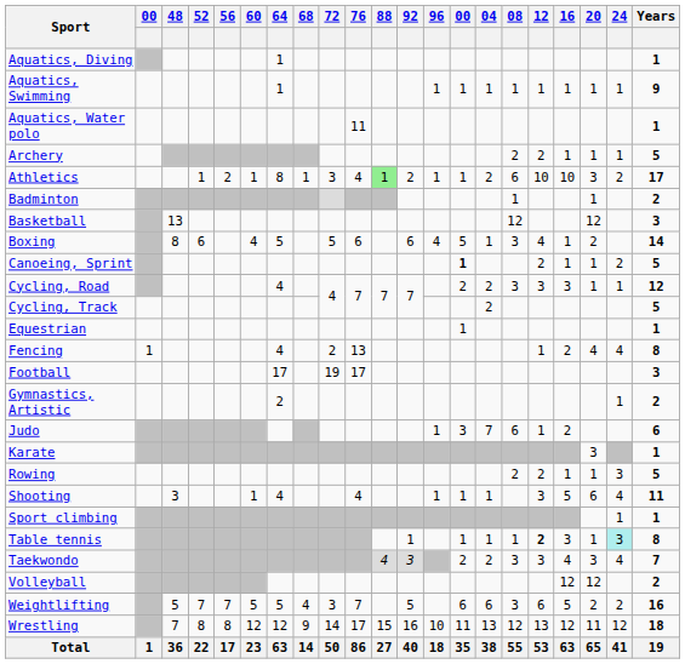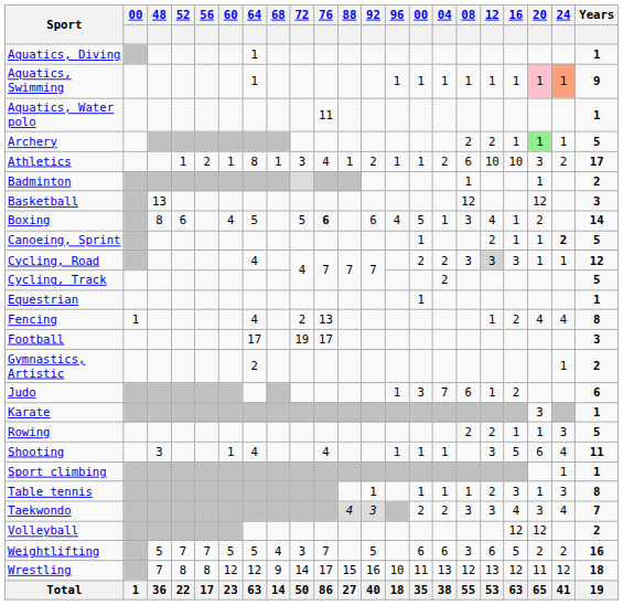 <table class="wikitable sortable" size=90% style="text-align:center; font-size:90%">
 <tr>
 <th rowspan=2 width=150>Sport</th>
 <th width=25><a href='#'>00</a></th>
 <th width=25><a href='#'>48</a></th>
 <th width=25><a href='#'>52</a></th>
 <th width=25><a href='#'>56</a></th>
 <th width=25><a href='#'>60</a></th>
 <th width=25><a href='#'>64</a></th>
 <th width=25><a href='#'>68</a></th>
 <th width=25><a href='#'>72</a></th>
 <th width=25><a href='#'>76</a></th>
 <th width=25><a href='#'>88</a></th>
 <th width=25><a href='#'>92</a></th>
 <th width=25><a href='#'>96</a></th>
 <th width=25><a href='#'>00</a></th>
 <th width=25><a href='#'>04</a></th>
 <th width=25><a href='#'>08</a></th>
 <th width=25><a href='#'>12</a></th>
 <th width=25><a href='#'>16</a></th>
 <th width=25><a href='#'>20</a></th>
 <th width=25><a href='#'>24</a></th>
 <th width=40>Years</th>
 </tr>
 <tr>
 <th></th>
 <th></th>
 <th></th>
 <th></th>
 <th></th>
 <th></th>
 <th></th>
 <th></th>
 <th></th>
 <th></th>
 <th></th>
 <th></th>
 <th></th>
 <th></th>
 <th></th>
 <th></th>
 <th></th>
 <th></th>
 <th></th>
 <th> </th>
 </tr>
 <tr>
 <td align=left> <a href='#'>Aquatics, Diving</a></td>
 <td bgcolor=silver></td>
 <td></td>
 <td></td>
 <td></td>
 <td></td>
 <td>1</td>
 <td></td>
 <td></td>
 <td></td>
 <td></td>
 <td></td>
 <td></td>
 <td></td>
 <td></td>
 <td></td>
 <td></td>
 <td></td>
 <td></td>
 <td></td>
 <td><strong>1</strong></td>
 </tr>
 <tr>
 <td align=left> <a href='#'>Aquatics, Swimming</a></td>
 <td></td>
 <td></td>
 <td></td>
 <td></td>
 <td></td>
 <td>1</td>
 <td></td>
 <td></td>
 <td></td>
 <td></td>
 <td></td>
 <td>1</td>
 <td>1</td>
 <td>1</td>
 <td>1</td>
 <td>1</td>
 <td>1</td>
-<td>1</td>
-<td>1</td>
+<td style="background: pink;">1</td>
+<td style="background: lightsalmon;">1</td>
 <td><strong>9</strong></td>
 </tr>
 <tr>
 <td align=left> <a href='#'>Aquatics, Water polo</a></td>
 <td></td>
 <td></td>
 <td></td>
 <td></td>
 <td></td>
 <td></td>
 <td></td>
 <td></td>
 <td>11</td>
 <td></td>
 <td></td>
 <td></td>
 <td></td>
 <td></td>
 <td></td>
 <td></td>
 <td></td>
 <td></td>
 <td></td>
 <td><strong>1</strong></td>
 </tr>
 <tr>
 <td align=left> <a href='#'>Archery</a></td>
 <td></td>
 <td bgcolor=silver></td>
 <td bgcolor=silver></td>
 <td bgcolor=silver></td>
 <td bgcolor=silver></td>
 <td bgcolor=silver></td>
 <td bgcolor=silver></td>
 <td></td>
 <td></td>
 <td></td>
 <td></td>
 <td></td>
 <td></td>
 <td></td>
 <td>2</td>
 <td>2</td>
 <td>1</td>
-<td>1</td>
+<td style="background: lightgreen;">1</td>
 <td>1</td>
 <td><strong>5</strong></td>
 </tr>
 <tr>
 <td align=left> <a href='#'>Athletics</a></td>
 <td></td>
 <td></td>
 <td>1</td>
 <td>2</td>
 <td>1</td>
 <td>8</td>
 <td>1</td>
 <td>3</td>
 <td>4</td>
-<td style="background: lightgreen;">1</td>
+<td>1</td>
 <td>2</td>
 <td>1</td>
 <td>1</td>
 <td>2</td>
 <td>6</td>
 <td>10</td>
 <td>10</td>
 <td>3</td>
 <td>2</td>
 <td><strong>17</strong></td>
 </tr>
 <tr>
 <td align=left> <a href='#'>Badminton</a></td>
 <td bgcolor=silver></td>
 <td bgcolor=silver></td>
 <td bgcolor=silver></td>
 <td bgcolor=silver></td>
 <td bgcolor=silver></td>
 <td bgcolor=silver></td>
 <td bgcolor=silver></td>
 <td bgcolor=Gainsboro></td>
 <td bgcolor=silver></td>
 <td bgcolor=silver></td>
 <td></td>
 <td></td>
 <td></td>
 <td></td>
 <td>1</td>
 <td></td>
 <td></td>
 <td>1</td>
 <td></td>
 <td><strong>2</strong></td>
 </tr>
 <tr>
 <td align=left> <a href='#'>Basketball</a></td>
 <td bgcolor=silver></td>
 <td>13</td>
 <td></td>
 <td></td>
 <td></td>
 <td></td>
 <td></td>
 <td></td>
 <td></td>
 <td></td>
 <td></td>
 <td></td>
 <td></td>
 <td></td>
 <td>12</td>
 <td></td>
 <td></td>
 <td>12</td>
 <td></td>
 <td><strong>3</strong></td>
 </tr>
 <tr>
 <td align=left> <a href='#'>Boxing</a></td>
 <td bgcolor=silver></td>
 <td>8</td>
 <td>6</td>
 <td></td>
 <td>4</td>
 <td>5</td>
 <td></td>
 <td>5</td>
-<td>6</td>
+<td><strong>6</strong></td>
 <td></td>
 <td>6</td>
 <td>4</td>
 <td>5</td>
 <td>1</td>
 <td>3</td>
 <td>4</td>
 <td>1</td>
 <td>2</td>
 <td></td>
 <td><strong>14</strong></td>
 </tr>
 <tr>
 <td align=left> <a href='#'>Canoeing, Sprint</a></td>
 <td bgcolor=silver></td>
 <td></td>
 <td></td>
 <td></td>
 <td></td>
 <td></td>
 <td></td>
 <td></td>
 <td></td>
 <td></td>
 <td></td>
 <td></td>
-<td><strong>1</strong></td>
+<td>1</td>
 <td></td>
 <td></td>
 <td>2</td>
 <td>1</td>
 <td>1</td>
-<td>2</td>
+<td><strong>2</strong></td>
 <td><strong>5</strong></td>
 </tr>
 <tr>
 <td align=left> <a href='#'>Cycling, Road</a></td>
 <td bgcolor=silver></td>
 <td></td>
 <td></td>
 <td></td>
 <td></td>
 <td>4</td>
 <td></td>
 <td rowspan=2>4</td>
 <td rowspan=2>7</td>
 <td rowspan=2>7</td>
 <td rowspan=2>7</td>
 <td></td>
 <td>2</td>
 <td>2</td>
 <td>3</td>
-<td>3</td>
+<td style="background: lightgrey;">3</td>
 <td>3</td>
 <td>1</td>
 <td>1</td>
 <td><strong>12</strong></td>
 </tr>
 <tr>
 <td align=left> <a href='#'>Cycling, Track</a></td>
 <td></td>
 <td></td>
 <td></td>
 <td></td>
 <td></td>
 <td></td>
 <td></td>
 <td></td>
 <td></td>
 <td>2</td>
 <td></td>
 <td></td>
 <td></td>
 <td></td>
 <td></td>
 <td><strong>5</strong></td>
 </tr>
 <tr>
 <td align=left> <a href='#'>Equestrian</a></td>
 <td></td>
 <td></td>
 <td></td>
 <td></td>
 <td></td>
 <td></td>
 <td></td>
 <td></td>
 <td></td>
 <td></td>
 <td></td>
 <td></td>
 <td>1</td>
 <td></td>
 <td></td>
 <td></td>
 <td></td>
 <td></td>
 <td></td>
 <td><strong>1</strong></td>
 </tr>
 <tr>
 <td align=left> <a href='#'>Fencing</a></td>
 <td>1</td>
 <td></td>
 <td></td>
 <td></td>
 <td></td>
 <td>4</td>
 <td></td>
 <td>2</td>
 <td>13</td>
 <td></td>
 <td></td>
 <td></td>
 <td></td>
 <td></td>
 <td></td>
 <td>1</td>
 <td>2</td>
 <td>4</td>
 <td>4</td>
 <td><strong>8</strong></td>
 </tr>
 <tr>
 <td align=left> <a href='#'>Football</a></td>
 <td></td>
 <td></td>
 <td></td>
 <td></td>
 <td></td>
 <td>17</td>
 <td></td>
 <td>19</td>
 <td>17</td>
 <td></td>
 <td></td>
 <td></td>
 <td></td>
 <td></td>
 <td></td>
 <td></td>
 <td></td>
 <td></td>
 <td></td>
 <td><strong>3</strong></td>
 </tr>
 <tr>
 <td align=left> <a href='#'>Gymnastics, Artistic</a></td>
 <td></td>
 <td></td>
 <td></td>
 <td></td>
 <td></td>
 <td>2</td>
 <td></td>
 <td></td>
 <td></td>
 <td></td>
 <td></td>
 <td></td>
 <td></td>
 <td></td>
 <td></td>
 <td></td>
 <td></td>
 <td></td>
 <td>1</td>
 <td><strong>2</strong></td>
 </tr>
 <tr>
 <td align=left> <a href='#'>Judo</a></td>
 <td bgcolor=silver></td>
 <td bgcolor=silver></td>
 <td bgcolor=silver></td>
 <td bgcolor=silver></td>
 <td bgcolor=silver></td>
 <td></td>
 <td bgcolor=silver></td>
 <td></td>
 <td></td>
 <td></td>
 <td></td>
 <td>1</td>
 <td>3</td>
 <td>7</td>
 <td>6</td>
 <td>1</td>
 <td>2</td>
 <td></td>
 <td></td>
 <td><strong>6</strong></td>
 </tr>
 <tr>
 <td align=left> <a href='#'>Karate</a></td>
 <td bgcolor=silver></td>
 <td bgcolor=silver></td>
 <td bgcolor=silver></td>
 <td bgcolor=silver></td>
 <td bgcolor=silver></td>
 <td bgcolor=silver></td>
 <td bgcolor=silver></td>
 <td bgcolor=silver></td>
 <td bgcolor=silver></td>
 <td bgcolor=silver></td>
 <td bgcolor=silver></td>
 <td bgcolor=silver></td>
 <td bgcolor=silver></td>
 <td bgcolor=silver></td>
 <td bgcolor=silver></td>
 <td bgcolor=silver></td>
 <td bgcolor=silver></td>
 <td>3</td>
 <td bgcolor=silver></td>
 <td><strong>1</strong></td>
 </tr>
 <tr>
 <td align=left> <a href='#'>Rowing</a></td>
 <td></td>
 <td></td>
 <td></td>
 <td></td>
 <td></td>
 <td></td>
 <td></td>
 <td></td>
 <td></td>
 <td></td>
 <td></td>
 <td></td>
 <td></td>
 <td></td>
 <td>2</td>
 <td>2</td>
 <td>1</td>
 <td>1</td>
 <td>3</td>
 <td><strong>5</strong></td>
 </tr>
 <tr>
 <td align=left> <a href='#'>Shooting</a></td>
 <td></td>
 <td>3</td>
 <td></td>
 <td></td>
 <td>1</td>
 <td>4</td>
 <td></td>
 <td></td>
 <td>4</td>
 <td></td>
 <td></td>
 <td>1</td>
 <td>1</td>
 <td>1</td>
 <td></td>
 <td>3</td>
 <td>5</td>
 <td>6</td>
 <td>4</td>
 <td><strong>11</strong></td>
 </tr>
 <tr>
 <td align=left> <a href='#'>Sport climbing</a></td>
 <td bgcolor=silver></td>
 <td bgcolor=silver></td>
 <td bgcolor=silver></td>
 <td bgcolor=silver></td>
 <td bgcolor=silver></td>
 <td bgcolor=silver></td>
 <td bgcolor=silver></td>
 <td bgcolor=silver></td>
 <td bgcolor=silver></td>
 <td bgcolor=silver></td>
 <td bgcolor=silver></td>
 <td bgcolor=silver></td>
 <td bgcolor=silver></td>
 <td bgcolor=silver></td>
 <td bgcolor=silver></td>
 <td bgcolor=silver></td>
 <td bgcolor=silver></td>
 <td></td>
 <td>1</td>
 <td><strong>1</strong></td>
 </tr>
 <tr>
 <td align=left> <a href='#'>Table tennis</a></td>
 <td bgcolor=silver></td>
 <td bgcolor=silver></td>
 <td bgcolor=silver></td>
 <td bgcolor=silver></td>
 <td bgcolor=silver></td>
 <td bgcolor=silver></td>
 <td bgcolor=silver></td>
 <td bgcolor=silver></td>
 <td bgcolor=silver></td>
 <td></td>
 <td>1</td>
 <td></td>
 <td>1</td>
 <td>1</td>
 <td>1</td>
-<td><strong>2</strong></td>
+<td>2</td>
 <td>3</td>
 <td>1</td>
-<td style="background: paleturquoise;">3</td>
+<td>3</td>
 <td><strong>8</strong></td>
 </tr>
 <tr>
 <td align=left> <a href='#'>Taekwondo</a></td>
 <td bgcolor=silver></td>
 <td bgcolor=silver></td>
 <td bgcolor=silver></td>
 <td bgcolor=silver></td>
 <td bgcolor=silver></td>
 <td bgcolor=silver></td>
 <td bgcolor=silver></td>
 <td bgcolor=silver></td>
 <td bgcolor=silver></td>
 <td bgcolor=Gainsboro><em>4</em></td>
 <td bgcolor=Gainsboro><em>3</em></td>
 <td bgcolor=silver></td>
 <td>2</td>
 <td>2</td>
 <td>3</td>
 <td>3</td>
 <td>4</td>
 <td>3</td>
 <td>4</td>
 <td><strong>7</strong></td>
 </tr>
 <tr>
 <td align=left> <a href='#'>Volleyball</a></td>
 <td bgcolor=silver></td>
 <td bgcolor=silver></td>
 <td bgcolor=silver></td>
 <td bgcolor=silver></td>
 <td bgcolor=silver></td>
 <td></td>
 <td></td>
 <td></td>
 <td></td>
 <td></td>
 <td></td>
 <td></td>
 <td></td>
 <td></td>
 <td></td>
 <td></td>
 <td>12</td>
 <td>12</td>
 <td></td>
 <td><strong>2</strong></td>
 </tr>
 <tr>
 <td align=left> <a href='#'>Weightlifting</a></td>
 <td bgcolor=silver></td>
 <td>5</td>
 <td>7</td>
 <td>7</td>
 <td>5</td>
 <td>5</td>
 <td>4</td>
 <td>3</td>
 <td>7</td>
 <td></td>
 <td>5</td>
 <td></td>
 <td>6</td>
 <td>6</td>
 <td>3</td>
 <td>6</td>
 <td>5</td>
 <td>2</td>
 <td>2</td>
 <td><strong>16</strong></td>
 </tr>
 <tr>
 <td align=left> <a href='#'>Wrestling</a></td>
 <td bgcolor=silver></td>
 <td>7</td>
 <td>8</td>
 <td>8</td>
 <td>12</td>
 <td>12</td>
 <td>9</td>
 <td>14</td>
 <td>17</td>
 <td>15</td>
 <td>16</td>
 <td>10</td>
 <td>11</td>
 <td>13</td>
 <td>12</td>
 <td>13</td>
 <td>12</td>
 <td>11</td>
 <td>12</td>
 <td><strong>18</strong></td>
 </tr>
 <tr>
 <th>Total</th>
 <th>1</th>
 <th>36</th>
 <th>22</th>
 <th>17</th>
 <th>23</th>
 <th>63</th>
 <th>14</th>
 <th>50</th>
 <th>86</th>
 <th>27</th>
 <th>40</th>
 <th>18</th>
 <th>35</th>
 <th>38</th>
 <th>55</th>
 <th>53</th>
 <th>63</th>
 <th>65</th>
 <th>41</th>
 <th>19</th>
 </tr>
 </table>
